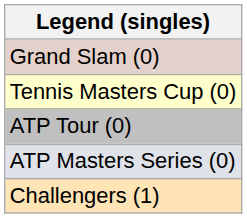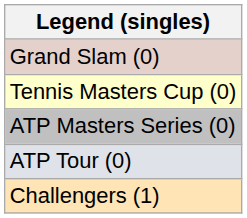 <table class="wikitable">
 <tr>
 <th>Legend (singles)</th>
 </tr>
 <tr style="background:#e5d1cb;">
 <td>Grand Slam (0)</td>
 </tr>
 <tr style="background:#ffc;">
 <td>Tennis Masters Cup (0)</td>
 </tr>
 <tr style="background:silver;">
-<td>ATP Tour (0)</td>
+<td>ATP Masters Series (0)</td>
 </tr>
 <tr style="background:#dfe2e9;">
-<td>ATP Masters Series (0)</td>
+<td>ATP Tour (0)</td>
 </tr>
 <tr style="background:moccasin;">
 <td>Challengers (1)</td>
 </tr>
 </table>
